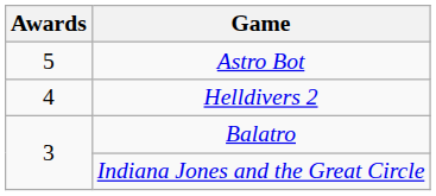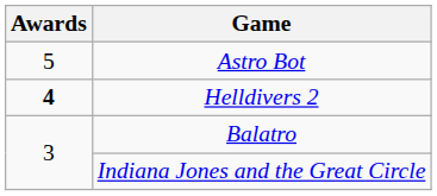 <table class="wikitable floatleft" rowspan="2" style="text-align:center;" background: #f6e39c;>
 <tr>
 <th scope="col">Awards</th>
 <th scope="col">Game</th>
 </tr>
 <tr>
 <td>5</td>
 <td><em><a href='#'>Astro Bot</a></em></td>
 </tr>
 <tr>
-<td>4</td>
+<td><strong>4</strong></td>
 <td><em><a href='#'>Helldivers 2</a></em></td>
 </tr>
 <tr>
 <td rowspan="2">3</td>
 <td><em><a href='#'>Balatro</a></em></td>
 </tr>
 <tr>
 <td><em><a href='#'>Indiana Jones and the Great Circle</a></em></td>
 </tr>
 </table>
